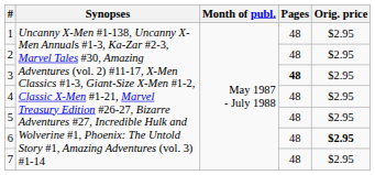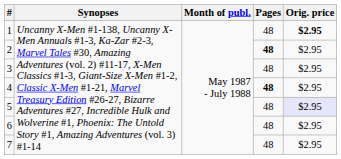 <table class="wikitable">
 <tr>
 <th>#</th>
 <th width="250">Synopses</th>
 <th>Month of <a href='#'>publ.</a></th>
 <th>Pages</th>
 <th>Orig. price</th>
 </tr>
 <tr align="center">
 <td>1</td>
 <td align="left" rowspan="7"><em>Uncanny X-Men</em> #1-138, <em>Uncanny X-Men Annual</em>s #1-3, <em>Ka-Zar</em> #2-3, <em><a href='#'>Marvel Tales</a></em> #30, <em>Amazing Adventures</em> (vol. 2) #11-17, <em>X-Men Classics</em> #1-3, <em>Giant-Size X-Men</em> #1-2, <em><a href='#'>Classic X-Men</a></em> #1-21, <em><a href='#'>Marvel Treasury Edition</a></em> #26-27, <em>Bizarre Adventures</em> #27, <em>Incredible Hulk and Wolverine</em> #1, <em>Phoenix: The Untold Story</em> #1, <em>Amazing Adventures</em> (vol. 3) #1-14</td>
 <td align="right" rowspan="7">May 1987<br> - July 1988</td>
 <td>48</td>
+<td><strong>$2.95</strong></td>
+</tr>
+<tr align="center">
+<td>2</td>
+<td><strong>48</strong></td>
 <td>$2.95</td>
 </tr>
 <tr align="center">
-<td>2</td>
+<td>3</td>
 <td>48</td>
 <td>$2.95</td>
 </tr>
 <tr align="center">
-<td>3</td>
+<td>4</td>
 <td><strong>48</strong></td>
-<td>$2.95</td>
-</tr>
-<tr align="center">
-<td>4</td>
-<td>48</td>
 <td>$2.95</td>
 </tr>
 <tr align="center">
 <td>5</td>
 <td>48</td>
-<td>$2.95</td>
+<td style="background: lavender;">$2.95</td>
 </tr>
 <tr align="center">
 <td>6</td>
 <td>48</td>
-<td><strong>$2.95</strong></td>
+<td>$2.95</td>
 </tr>
 <tr align="center">
 <td>7</td>
 <td>48</td>
 <td>$2.95</td>
 </tr>
 </table>
